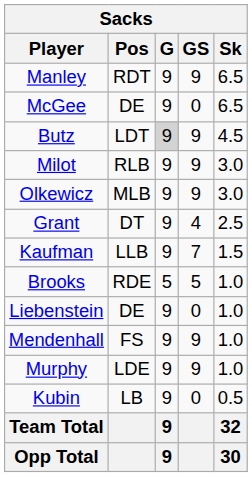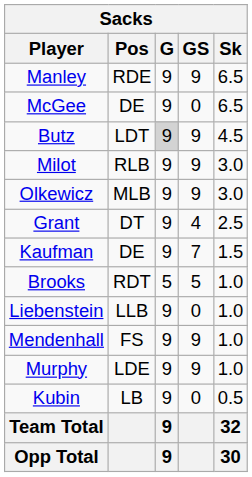 <table class="wikitable" style="text-align:center">
 <tr>
 <th colspan="5">Sacks</th>
 </tr>
 <tr>
 <th>Player</th>
 <th>Pos</th>
 <th>G</th>
 <th>GS</th>
 <th>Sk</th>
 </tr>
 <tr>
 <td><a href='#'>Manley</a></td>
-<td>RDT</td>
+<td>RDE</td>
 <td>9</td>
 <td>9</td>
 <td>6.5</td>
 </tr>
 <tr>
 <td><a href='#'>McGee</a></td>
 <td>DE</td>
 <td>9</td>
 <td>0</td>
 <td>6.5</td>
 </tr>
 <tr>
 <td><a href='#'>Butz</a></td>
 <td>LDT</td>
 <td style="background: lightgrey;">9</td>
 <td>9</td>
 <td>4.5</td>
 </tr>
 <tr>
 <td><a href='#'>Milot</a></td>
 <td>RLB</td>
 <td>9</td>
 <td>9</td>
 <td>3.0</td>
 </tr>
 <tr>
 <td><a href='#'>Olkewicz</a></td>
 <td>MLB</td>
 <td>9</td>
 <td>9</td>
 <td>3.0</td>
 </tr>
 <tr>
 <td><a href='#'>Grant</a></td>
 <td>DT</td>
 <td>9</td>
 <td>4</td>
 <td>2.5</td>
 </tr>
 <tr>
 <td><a href='#'>Kaufman</a></td>
-<td>LLB</td>
+<td>DE</td>
 <td>9</td>
 <td>7</td>
 <td>1.5</td>
 </tr>
 <tr>
 <td><a href='#'>Brooks</a></td>
-<td>RDE</td>
+<td>RDT</td>
 <td>5</td>
 <td>5</td>
 <td>1.0</td>
 </tr>
 <tr>
 <td><a href='#'>Liebenstein</a></td>
-<td>DE</td>
+<td>LLB</td>
 <td>9</td>
 <td>0</td>
 <td>1.0</td>
 </tr>
 <tr>
 <td><a href='#'>Mendenhall</a></td>
 <td>FS</td>
 <td>9</td>
 <td>9</td>
 <td>1.0</td>
 </tr>
 <tr>
 <td><a href='#'>Murphy</a></td>
 <td>LDE</td>
 <td>9</td>
 <td>9</td>
 <td>1.0</td>
 </tr>
 <tr>
 <td><a href='#'>Kubin</a></td>
 <td>LB</td>
 <td>9</td>
 <td>0</td>
 <td>0.5</td>
 </tr>
 <tr>
 <th>Team Total</th>
 <th></th>
 <th>9</th>
 <th></th>
 <th>32</th>
 </tr>
 <tr>
 <th>Opp Total</th>
 <th></th>
 <th>9</th>
 <th></th>
 <th>30</th>
 </tr>
 </table>
